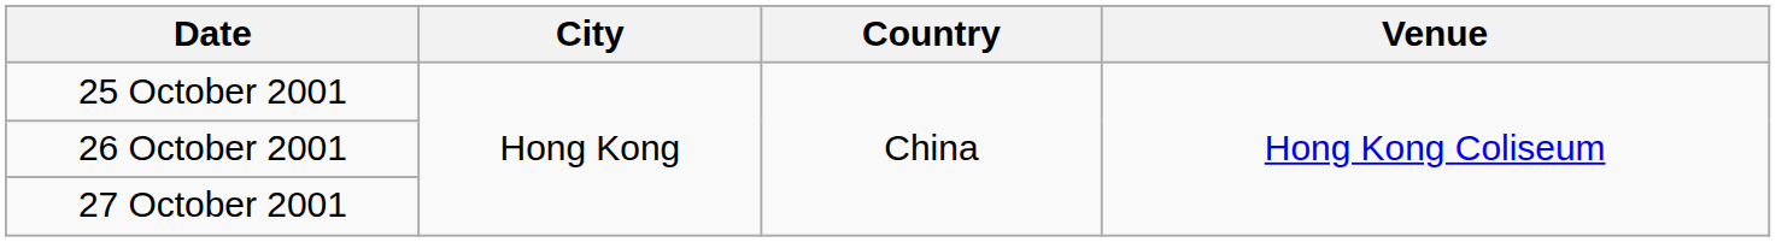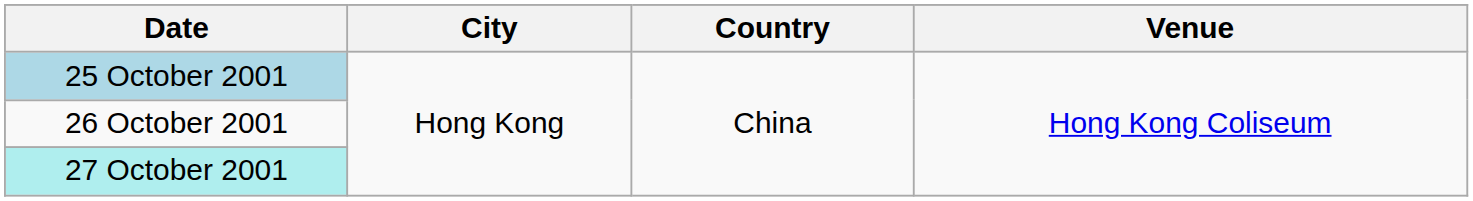 <table class="wikitable" style="text-align:center;">
 <tr>
 <th scope="col" style="width:11em;">Date</th>
 <th scope="col" style="width:9em;">City</th>
 <th scope="col" style="width:9em;">Country</th>
 <th scope="col" style="width:18em;">Venue</th>
 </tr>
 <tr>
-<td>25 October 2001</td>
+<td style="background: lightblue;">25 October 2001</td>
 <td rowspan="3">Hong Kong</td>
 <td rowspan="3">China</td>
 <td rowspan="3"><a href='#'>Hong Kong Coliseum</a></td>
 </tr>
 <tr>
 <td>26 October 2001</td>
 </tr>
 <tr>
-<td>27 October 2001</td>
+<td style="background: paleturquoise;">27 October 2001</td>
 </tr>
 </table>
